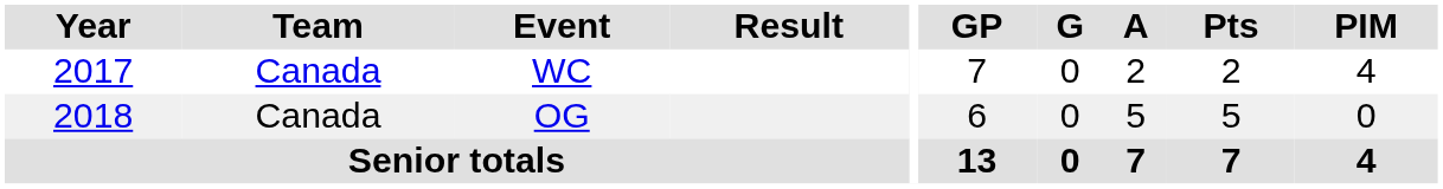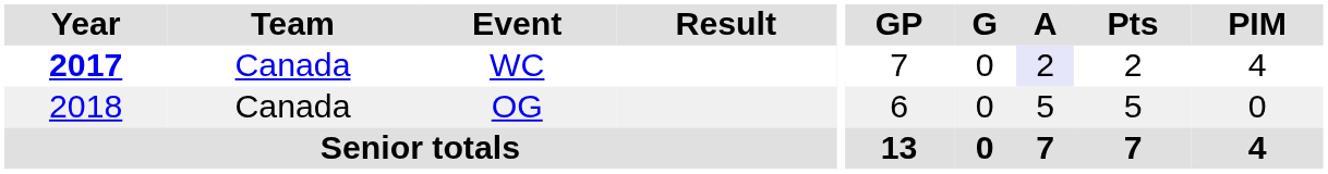 <table border="0" cellpadding="1" cellspacing="0" ID="Table3" style="text-align:center; width:40em">
 <tr ALIGN="center" bgcolor="#e0e0e0">
 <th>Year</th>
 <th>Team</th>
 <th>Event</th>
 <th>Result</th>
 <th rowspan="99" bgcolor="#ffffff"></th>
 <th>GP</th>
 <th>G</th>
 <th>A</th>
 <th>Pts</th>
 <th>PIM</th>
 </tr>
 <tr>
-<td><a href='#'>2017</a></td>
+<td><strong><a href='#'>2017</a></strong></td>
 <td><a href='#'>Canada</a></td>
 <td><a href='#'>WC</a></td>
 <td></td>
 <td>7</td>
 <td>0</td>
-<td>2</td>
+<td style="background: lavender;">2</td>
 <td>2</td>
 <td>4</td>
 </tr>
 <tr bgcolor="#f0f0f0">
 <td><a href='#'>2018</a></td>
 <td>Canada</td>
 <td><a href='#'>OG</a></td>
 <td></td>
 <td>6</td>
 <td>0</td>
 <td>5</td>
 <td>5</td>
 <td>0</td>
 </tr>
 <tr bgcolor="#e0e0e0">
 <th colspan="4">Senior totals</th>
 <th>13</th>
 <th>0</th>
 <th>7</th>
 <th>7</th>
 <th>4</th>
 </tr>
 </table>
